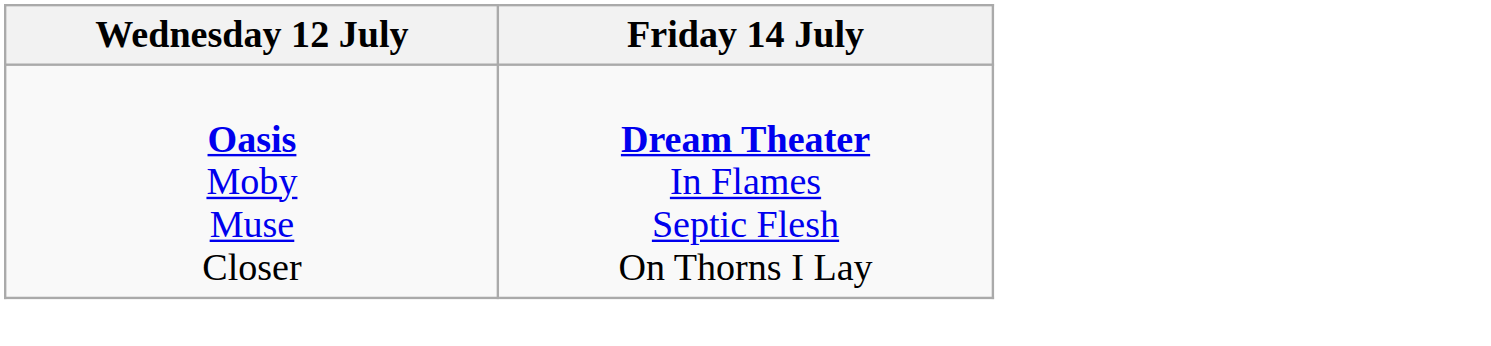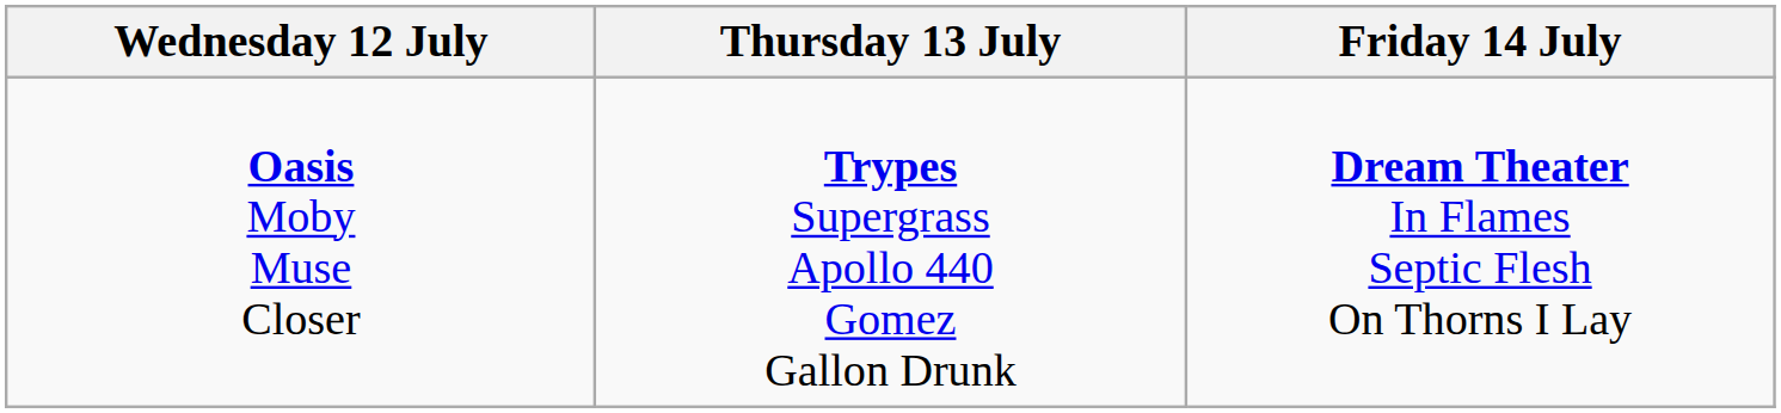 <table class="wikitable">
 <tr>
 <th>Wednesday 12 July</th>
+<th>Thursday 13 July</th>
 <th>Friday 14 July</th>
 </tr>
 <tr>
 <td valign="top" align="center" width=200><br><strong><a href='#'>Oasis</a></strong> <br><a href='#'>Moby</a> <br><a href='#'>Muse</a> <br>Closer</td>
+<td valign="top" align="center" width=200><br><strong><a href='#'>Trypes</a></strong> <br><a href='#'>Supergrass</a> <br><a href='#'>Apollo 440</a> <br><a href='#'>Gomez</a> <br>Gallon Drunk</td>
 <td valign="top" align="center" width=200><br><strong><a href='#'>Dream Theater</a></strong> <br><a href='#'>In Flames</a> <br><a href='#'>Septic Flesh</a> <br>On Thorns I Lay</td>
 </tr>
 </table>
